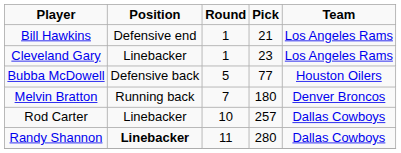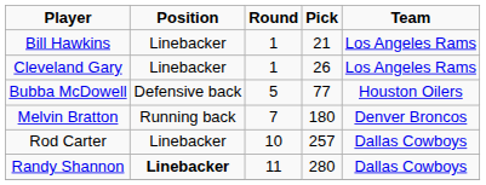 <table class="wikitable">
 <tr style="text-align:center; ">
 <td><strong>Player</strong></td>
 <td><strong>Position</strong></td>
 <td><strong>Round</strong></td>
 <td><strong>Pick</strong></td>
 <td><strong>Team</strong></td>
 </tr>
 <tr align="center" bgcolor="">
 <td><a href='#'>Bill Hawkins</a></td>
-<td>Defensive end</td>
+<td>Linebacker</td>
 <td>1</td>
 <td>21</td>
 <td><a href='#'>Los Angeles Rams</a></td>
 </tr>
 <tr align="center" bgcolor="">
 <td><a href='#'>Cleveland Gary</a></td>
 <td>Linebacker</td>
 <td>1</td>
-<td>23</td>
+<td>26</td>
 <td><a href='#'>Los Angeles Rams</a></td>
 </tr>
 <tr align="center" bgcolor="">
 <td><a href='#'>Bubba McDowell</a></td>
 <td>Defensive back</td>
 <td>5</td>
 <td>77</td>
 <td><a href='#'>Houston Oilers</a></td>
 </tr>
 <tr align="center" bgcolor="">
 <td><a href='#'>Melvin Bratton</a></td>
 <td>Running back</td>
 <td>7</td>
 <td>180</td>
 <td><a href='#'>Denver Broncos</a></td>
 </tr>
 <tr align="center" bgcolor="">
 <td>Rod Carter</td>
 <td>Linebacker</td>
 <td>10</td>
 <td>257</td>
 <td><a href='#'>Dallas Cowboys</a></td>
 </tr>
 <tr align="center" bgcolor="">
 <td><a href='#'>Randy Shannon</a></td>
 <td><strong>Linebacker</strong></td>
 <td>11</td>
 <td>280</td>
 <td><a href='#'>Dallas Cowboys</a></td>
 </tr>
 <tr align="center" bgcolor="">
 </tr>
 </table>
